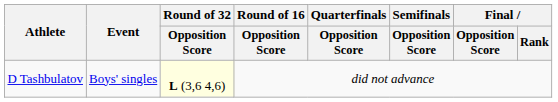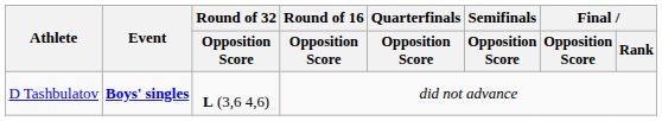 <table class=wikitable style="font-size:90%">
 <tr>
 <th rowspan=2>Athlete</th>
 <th rowspan=2>Event</th>
 <th>Round of 32</th>
 <th>Round of 16</th>
 <th>Quarterfinals</th>
 <th>Semifinals</th>
 <th colspan=2>Final / </th>
 </tr>
 <tr style="font-size:95%">
 <th>Opposition<br>Score</th>
 <th>Opposition<br>Score</th>
 <th>Opposition<br>Score</th>
 <th>Opposition<br>Score</th>
 <th>Opposition<br>Score</th>
 <th>Rank</th>
 </tr>
 <tr align=center>
 <td align=left><a href='#'>D Tashbulatov</a></td>
-<td align=left><a href='#'>Boys' singles</a></td>
-<td style="background: lightyellow;"> <br> <strong>L</strong> (3,6 4,6)</td>
+<td align=left><strong><a href='#'>Boys' singles</a></strong></td>
+<td> <br> <strong>L</strong> (3,6 4,6)</td>
 <td Colspan=5><em>did not advance</em></td>
 </tr>
 </table>
